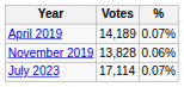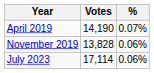 <table class="wikitable"style="display: inline-table;">
 <tr>
 <th>Year</th>
 <th>Votes</th>
 <th>%</th>
 </tr>
 <tr>
 <td><a href='#'>April 2019</a></td>
-<td>14,189</td>
+<td>14,190</td>
 <td>0.07%</td>
 </tr>
 <tr>
 <td><a href='#'>November 2019</a></td>
 <td>13,828</td>
 <td>0.06%</td>
 </tr>
 <tr>
 <td><a href='#'>July 2023</a></td>
 <td>17,114</td>
-<td>0.07%</td>
+<td>0.06%</td>
 </tr>
 </table>
